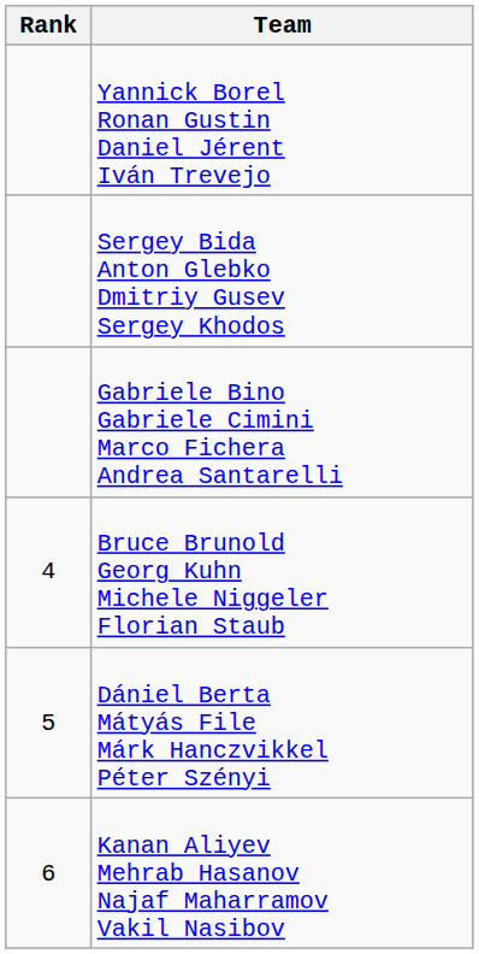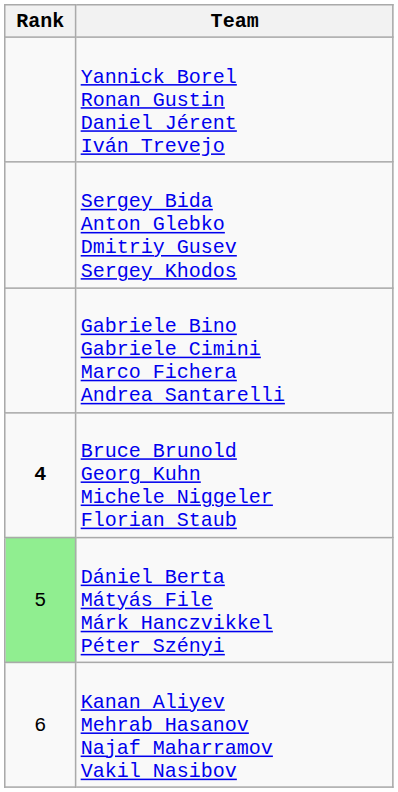 <table class="wikitable" style="text-align: center;">
 <tr>
 <th width=40>Rank</th>
 <th width=200>Team</th>
 </tr>
 <tr>
 <td></td>
 <td align=left><br><a href='#'>Yannick Borel</a><br><a href='#'>Ronan Gustin</a><br><a href='#'>Daniel Jérent</a><br><a href='#'>Iván Trevejo</a></td>
 </tr>
 <tr>
 <td></td>
 <td align=left><br><a href='#'>Sergey Bida</a><br><a href='#'>Anton Glebko</a><br><a href='#'>Dmitriy Gusev</a><br><a href='#'>Sergey Khodos</a></td>
 </tr>
 <tr>
 <td></td>
 <td align=left><br><a href='#'>Gabriele Bino</a><br><a href='#'>Gabriele Cimini</a><br><a href='#'>Marco Fichera</a><br><a href='#'>Andrea Santarelli</a></td>
 </tr>
 <tr>
-<td>4</td>
+<td><strong>4</strong></td>
 <td align=left><br><a href='#'>Bruce Brunold</a><br><a href='#'>Georg Kuhn</a><br><a href='#'>Michele Niggeler</a><br><a href='#'>Florian Staub</a></td>
 </tr>
 <tr>
-<td>5</td>
+<td style="background: lightgreen;">5</td>
 <td align=left><br><a href='#'>Dániel Berta</a><br><a href='#'>Mátyás File</a><br><a href='#'>Márk Hanczvikkel</a><br><a href='#'>Péter Szényi</a></td>
 </tr>
 <tr>
 <td>6</td>
 <td align=left><br><a href='#'>Kanan Aliyev</a><br><a href='#'>Mehrab Hasanov</a><br><a href='#'>Najaf Maharramov</a><br><a href='#'>Vakil Nasibov</a></td>
 </tr>
 </table>
